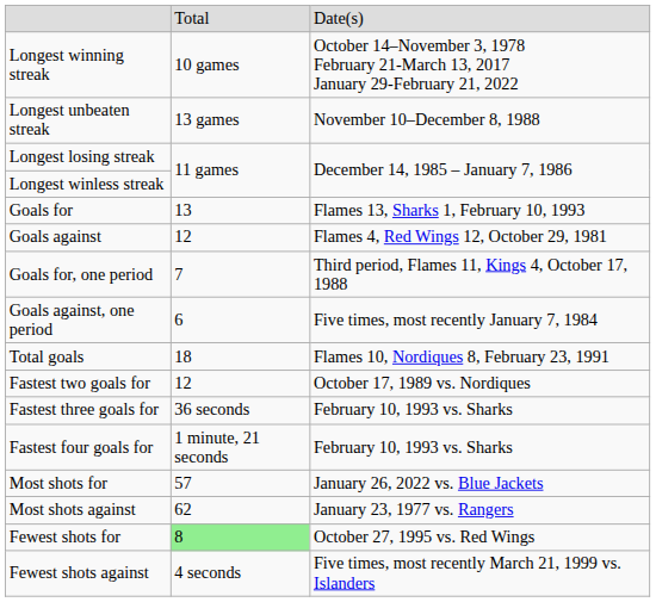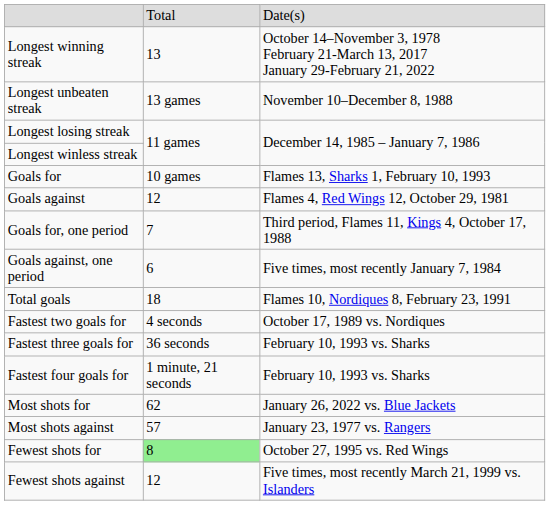 <table class="wikitable">
 <tr bgcolor="#dddddd">
 <td></td>
 <td>Total</td>
 <td>Date(s)</td>
 </tr>
 <tr>
 <td>Longest winning streak</td>
-<td>10 games</td>
+<td>13</td>
 <td>October 14–November 3, 1978<br>February 21-March 13, 2017<br>January 29-February 21, 2022</td>
 </tr>
 <tr>
 <td>Longest unbeaten streak</td>
 <td>13 games</td>
 <td>November 10–December 8, 1988</td>
 </tr>
 <tr>
 <td>Longest losing streak</td>
 <td rowspan="2">11 games</td>
 <td rowspan="2">December 14, 1985 – January 7, 1986</td>
 </tr>
 <tr>
 <td>Longest winless streak</td>
 </tr>
 <tr>
 <td>Goals for</td>
-<td>13</td>
+<td>10 games</td>
 <td>Flames 13, <a href='#'>Sharks</a> 1, February 10, 1993</td>
 </tr>
 <tr>
 <td>Goals against</td>
 <td>12</td>
 <td>Flames 4, <a href='#'>Red Wings</a> 12, October 29, 1981</td>
 </tr>
 <tr>
 <td>Goals for, one period</td>
 <td>7</td>
 <td>Third period, Flames 11, <a href='#'>Kings</a> 4, October 17, 1988</td>
 </tr>
 <tr>
 <td>Goals against, one period</td>
 <td>6</td>
 <td>Five times, most recently January 7, 1984</td>
 </tr>
 <tr>
 <td>Total goals</td>
 <td>18</td>
 <td>Flames 10, <a href='#'>Nordiques</a> 8, February 23, 1991</td>
 </tr>
 <tr>
 <td>Fastest two goals for</td>
-<td>12</td>
+<td>4 seconds</td>
 <td>October 17, 1989 vs. Nordiques</td>
 </tr>
 <tr>
 <td>Fastest three goals for</td>
 <td>36 seconds</td>
 <td>February 10, 1993 vs. Sharks</td>
 </tr>
 <tr>
 <td>Fastest four goals for</td>
 <td>1 minute, 21 seconds</td>
 <td>February 10, 1993 vs. Sharks</td>
 </tr>
 <tr>
 <td>Most shots for</td>
-<td>57</td>
+<td>62</td>
 <td>January 26, 2022 vs. <a href='#'>Blue Jackets</a></td>
 </tr>
 <tr>
 <td>Most shots against</td>
-<td>62</td>
+<td>57</td>
 <td>January 23, 1977 vs. <a href='#'>Rangers</a></td>
 </tr>
 <tr>
 <td>Fewest shots for</td>
 <td style="background: lightgreen;">8</td>
 <td>October 27, 1995 vs. Red Wings</td>
 </tr>
 <tr>
 <td>Fewest shots against</td>
-<td>4 seconds</td>
+<td>12</td>
 <td>Five times, most recently March 21, 1999 vs. <a href='#'>Islanders</a></td>
 </tr>
 </table>
